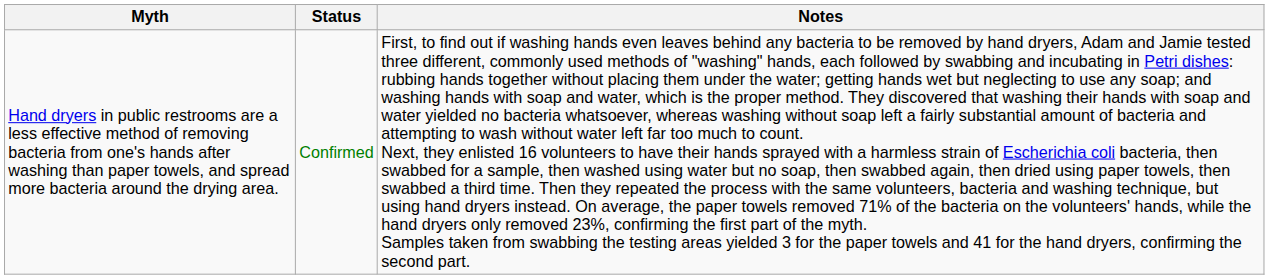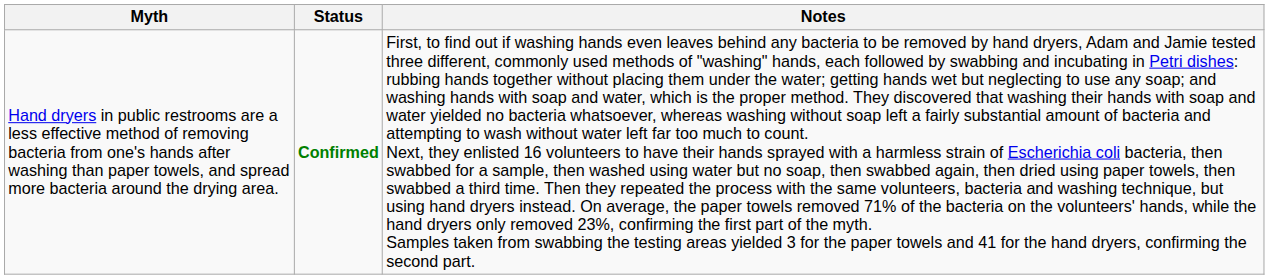 <table class="wikitable plainrowheaders">
 <tr>
 <th scope"col">Myth</th>
 <th scope"col">Status</th>
 <th scope"col">Notes</th>
 </tr>
 <tr>
 <td scope"row"><a href='#'>Hand dryers</a> in public restrooms are a less effective method of removing bacteria from one's hands after washing than paper towels, and spread more bacteria around the drying area.</td>
-<td style="color:green">Confirmed</td>
+<td style="color:green"><strong>Confirmed</strong></td>
 <td>First, to find out if washing hands even leaves behind any bacteria to be removed by hand dryers, Adam and Jamie tested three different, commonly used methods of "washing" hands, each followed by swabbing and incubating in <a href='#'>Petri dishes</a>: rubbing hands together without placing them under the water; getting hands wet but neglecting to use any soap; and washing hands with soap and water, which is the proper method. They discovered that washing their hands with soap and water yielded no bacteria whatsoever, whereas washing without soap left a fairly substantial amount of bacteria and attempting to wash without water left far too much to count.<br>Next, they enlisted 16 volunteers to have their hands sprayed with a harmless strain of <a href='#'>Escherichia coli</a> bacteria, then swabbed for a sample, then washed using water but no soap, then swabbed again, then dried using paper towels, then swabbed a third time. Then they repeated the process with the same volunteers, bacteria and washing technique, but using hand dryers instead. On average, the paper towels removed 71% of the bacteria on the volunteers' hands, while the hand dryers only removed 23%, confirming the first part of the myth.<br>Samples taken from swabbing the testing areas yielded 3 for the paper towels and 41 for the hand dryers, confirming the second part.</td>
 </tr>
 </table>
